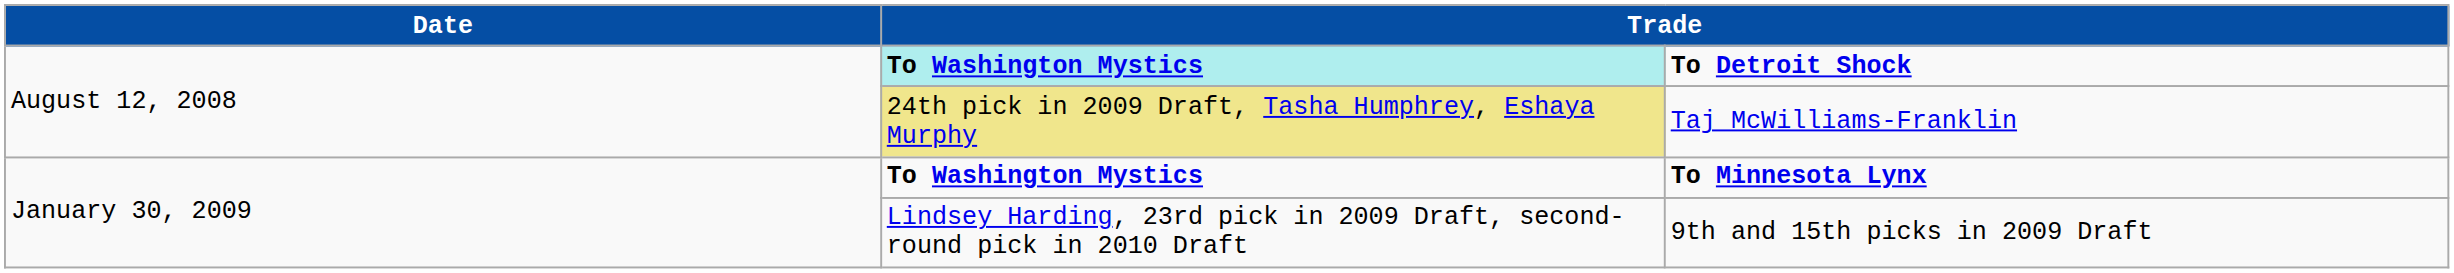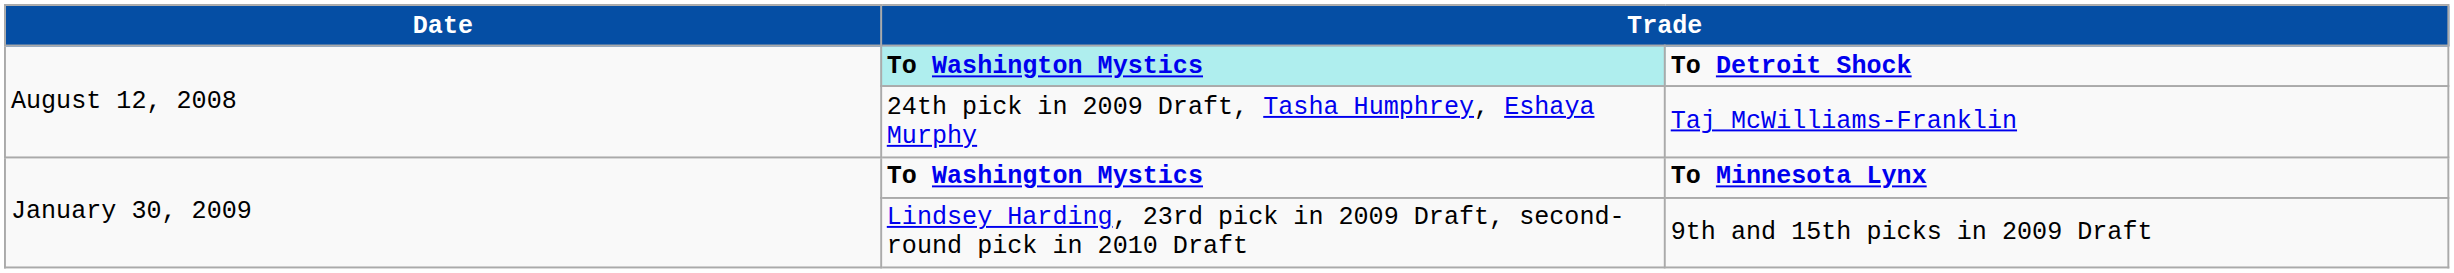 <table class="wikitable" style="width:80%">
 <tr>
 <th style="background:#054EA4;color:white; width=200">Date</th>
 <th style="background:#054EA4;color:white;" colspan=2>Trade</th>
 </tr>
 <tr>
 <td rowspan=2>August 12, 2008</td>
 <td width=400 style="background: paleturquoise;"><strong>To <a href='#'>Washington Mystics</a></strong></td>
 <td width=400><strong>To <a href='#'>Detroit Shock</a></strong></td>
 </tr>
 <tr>
-<td style="background: khaki;">24th pick in 2009 Draft, <a href='#'>Tasha Humphrey</a>, <a href='#'>Eshaya Murphy</a></td>
+<td>24th pick in 2009 Draft, <a href='#'>Tasha Humphrey</a>, <a href='#'>Eshaya Murphy</a></td>
 <td><a href='#'>Taj McWilliams-Franklin</a></td>
 </tr>
 <tr>
 <td rowspan=2>January 30, 2009</td>
 <td width=400><strong>To <a href='#'>Washington Mystics</a></strong></td>
 <td width=400><strong>To <a href='#'>Minnesota Lynx</a></strong></td>
 </tr>
 <tr>
 <td><a href='#'>Lindsey Harding</a>, 23rd pick in 2009 Draft, second-round pick in 2010 Draft</td>
 <td>9th and 15th picks in 2009 Draft</td>
 </tr>
 </table>
